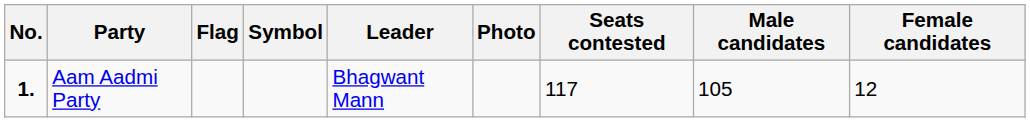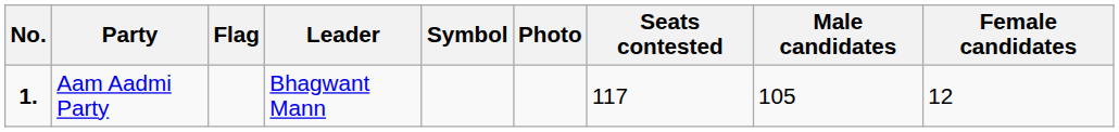 <table class="wikitable"  width="50%">
 <tr>
 <th>No.</th>
 <th>Party</th>
 <th>Flag</th>
+<th>Leader</th>
 <th>Symbol</th>
-<th>Leader</th>
 <th>Photo</th>
 <th>Seats contested</th>
 <th>Male candidates</th>
 <th>Female candidates</th>
 </tr>
 <tr>
 <td ! style="text-align:center; background:"><strong>1.</strong></td>
 <td><a href='#'>Aam Aadmi Party</a></td>
 <td></td>
+<td><a href='#'>Bhagwant Mann</a></td>
 <td></td>
-<td><a href='#'>Bhagwant Mann</a></td>
 <td></td>
 <td>117</td>
 <td>105</td>
 <td>12</td>
 </tr>
 </table>
